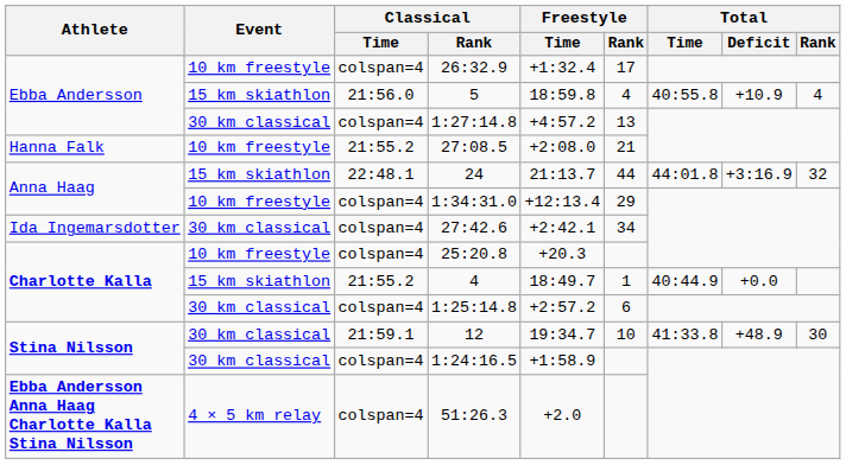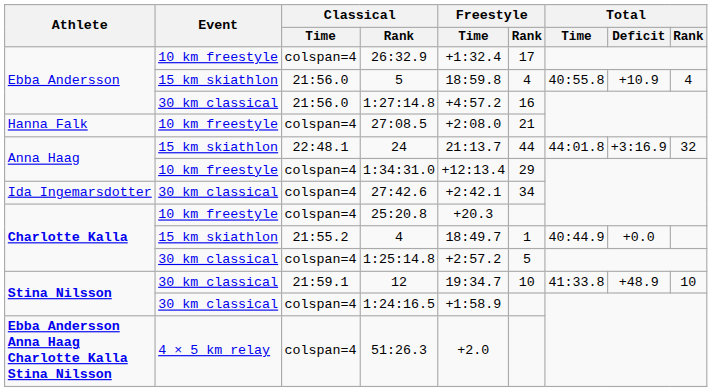 <table class="wikitable" style="font-size:90%">
 <tr>
 <th rowspan=2>Athlete</th>
 <th rowspan=2>Event</th>
 <th colspan=2>Classical</th>
 <th colspan=2>Freestyle</th>
 <th colspan=3>Total</th>
 </tr>
 <tr style="font-size:95%">
 <th>Time</th>
 <th>Rank</th>
 <th>Time</th>
 <th>Rank</th>
 <th>Time</th>
 <th>Deficit</th>
 <th>Rank</th>
 </tr>
 <tr align=center>
 <td align=left rowspan=3><a href='#'>Ebba Andersson</a></td>
 <td align=left><a href='#'>10 km freestyle</a></td>
 <td>colspan=4 </td>
 <td>26:32.9</td>
 <td>+1:32.4</td>
 <td>17</td>
 </tr>
 <tr align=center>
 <td align=left><a href='#'>15 km skiathlon</a></td>
 <td>21:56.0</td>
 <td>5</td>
 <td>18:59.8</td>
 <td>4</td>
 <td>40:55.8</td>
 <td>+10.9</td>
 <td>4</td>
 </tr>
 <tr align=center>
 <td align=left><a href='#'>30 km classical</a></td>
-<td>colspan=4 </td>
+<td>21:56.0</td>
 <td>1:27:14.8</td>
 <td>+4:57.2</td>
-<td>13</td>
+<td>16</td>
 </tr>
 <tr align=center>
 <td align=left><a href='#'>Hanna Falk</a></td>
 <td align=left><a href='#'>10 km freestyle</a></td>
-<td>21:55.2</td>
+<td>colspan=4 </td>
 <td>27:08.5</td>
 <td>+2:08.0</td>
 <td>21</td>
 </tr>
 <tr align=center>
 <td align=left rowspan=2><a href='#'>Anna Haag</a></td>
 <td align=left><a href='#'>15 km skiathlon</a></td>
 <td>22:48.1</td>
 <td>24</td>
 <td>21:13.7</td>
 <td>44</td>
 <td>44:01.8</td>
 <td>+3:16.9</td>
 <td>32</td>
 </tr>
 <tr align=center>
 <td align=left><a href='#'>10 km freestyle</a></td>
 <td>colspan=4 </td>
 <td>1:34:31.0</td>
 <td>+12:13.4</td>
 <td>29</td>
 </tr>
 <tr align=center>
 <td align=left><a href='#'>Ida Ingemarsdotter</a></td>
 <td align=left><a href='#'>30 km classical</a></td>
 <td>colspan=4 </td>
 <td>27:42.6</td>
 <td>+2:42.1</td>
 <td>34</td>
 </tr>
 <tr align=center>
 <td align=left rowspan=3><strong><a href='#'>Charlotte Kalla</a></strong></td>
 <td align=left><a href='#'>10 km freestyle</a></td>
 <td>colspan=4 </td>
 <td>25:20.8</td>
 <td>+20.3</td>
 <td></td>
 </tr>
 <tr align=center>
 <td align=left><a href='#'>15 km skiathlon</a></td>
 <td>21:55.2</td>
 <td>4</td>
 <td>18:49.7</td>
 <td>1</td>
 <td>40:44.9</td>
 <td>+0.0</td>
 <td></td>
 </tr>
 <tr align=center>
 <td align=left><a href='#'>30 km classical</a></td>
 <td>colspan=4 </td>
 <td>1:25:14.8</td>
 <td>+2:57.2</td>
-<td>6</td>
+<td>5</td>
 </tr>
 <tr align=center>
 <td align=left rowspan=2><strong><a href='#'>Stina Nilsson</a></strong></td>
 <td align=left><a href='#'>30 km classical</a></td>
 <td>21:59.1</td>
 <td>12</td>
 <td>19:34.7</td>
 <td>10</td>
 <td>41:33.8</td>
 <td>+48.9</td>
-<td>30</td>
+<td>10</td>
 </tr>
 <tr align=center>
 <td align=left><a href='#'>30 km classical</a></td>
 <td>colspan=4 </td>
 <td>1:24:16.5</td>
 <td>+1:58.9</td>
 <td></td>
 </tr>
 <tr align=center>
 <td align=left><strong><a href='#'>Ebba Andersson</a><br><a href='#'>Anna Haag</a><br><a href='#'>Charlotte Kalla</a><br><a href='#'>Stina Nilsson</a></strong></td>
 <td align=left><a href='#'>4 × 5 km relay</a></td>
 <td>colspan=4 </td>
 <td>51:26.3</td>
 <td>+2.0</td>
 <td></td>
 </tr>
 </table>
